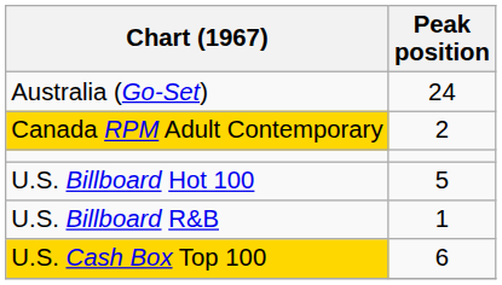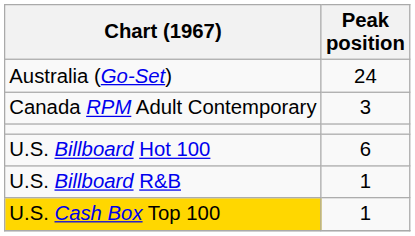 <table class="wikitable sortable">
 <tr>
 <th>Chart (1967)</th>
 <th>Peak<br>position</th>
 </tr>
 <tr>
 <td>Australia (<em><a href='#'>Go-Set</a></em>)</td>
 <td style="text-align:center;">24</td>
 </tr>
 <tr>
-<td style="background: gold;">Canada <em><a href='#'>RPM</a></em> Adult Contemporary</td>
-<td style="text-align:center;">2</td>
+<td>Canada <em><a href='#'>RPM</a></em> Adult Contemporary</td>
+<td style="text-align:center;">3</td>
 </tr>
 <tr>
 <td></td>
 </tr>
 <tr>
 <td>U.S. <em><a href='#'>Billboard</a></em> <a href='#'>Hot 100</a></td>
-<td style="text-align:center;">5</td>
+<td style="text-align:center;">6</td>
 </tr>
 <tr>
 <td>U.S. <em><a href='#'>Billboard</a></em> <a href='#'>R&B</a></td>
 <td style="text-align:center;">1</td>
 </tr>
 <tr>
 <td style="background: gold;">U.S. <a href='#'><em>Cash Box</em></a> Top 100</td>
-<td align="center">6</td>
+<td align="center">1</td>
 </tr>
 <tr>
 </tr>
 </table>
